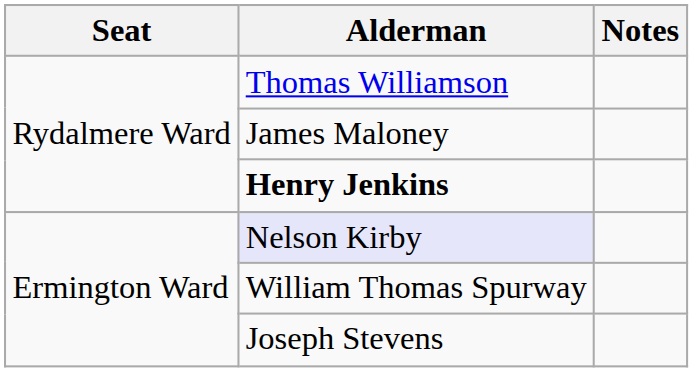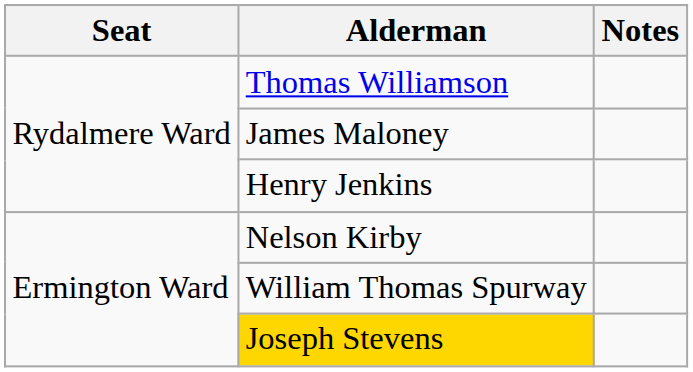 <table class="wikitable">
 <tr>
 <th>Seat</th>
 <th>Alderman</th>
 <th>Notes</th>
 </tr>
 <tr>
 <td rowspan="3">Rydalmere Ward</td>
 <td><a href='#'> Thomas Williamson</a></td>
 <td></td>
 </tr>
 <tr>
 <td>James Maloney</td>
 <td></td>
 </tr>
 <tr>
-<td><strong>Henry Jenkins</strong></td>
+<td>Henry Jenkins</td>
 <td></td>
 </tr>
 <tr>
 <td rowspan="3">Ermington Ward</td>
-<td style="background: lavender;">Nelson Kirby</td>
+<td>Nelson Kirby</td>
 <td></td>
 </tr>
 <tr>
 <td>William Thomas Spurway</td>
 <td></td>
 </tr>
 <tr>
-<td>Joseph Stevens</td>
+<td style="background: gold;">Joseph Stevens</td>
 <td></td>
 </tr>
 </table>
